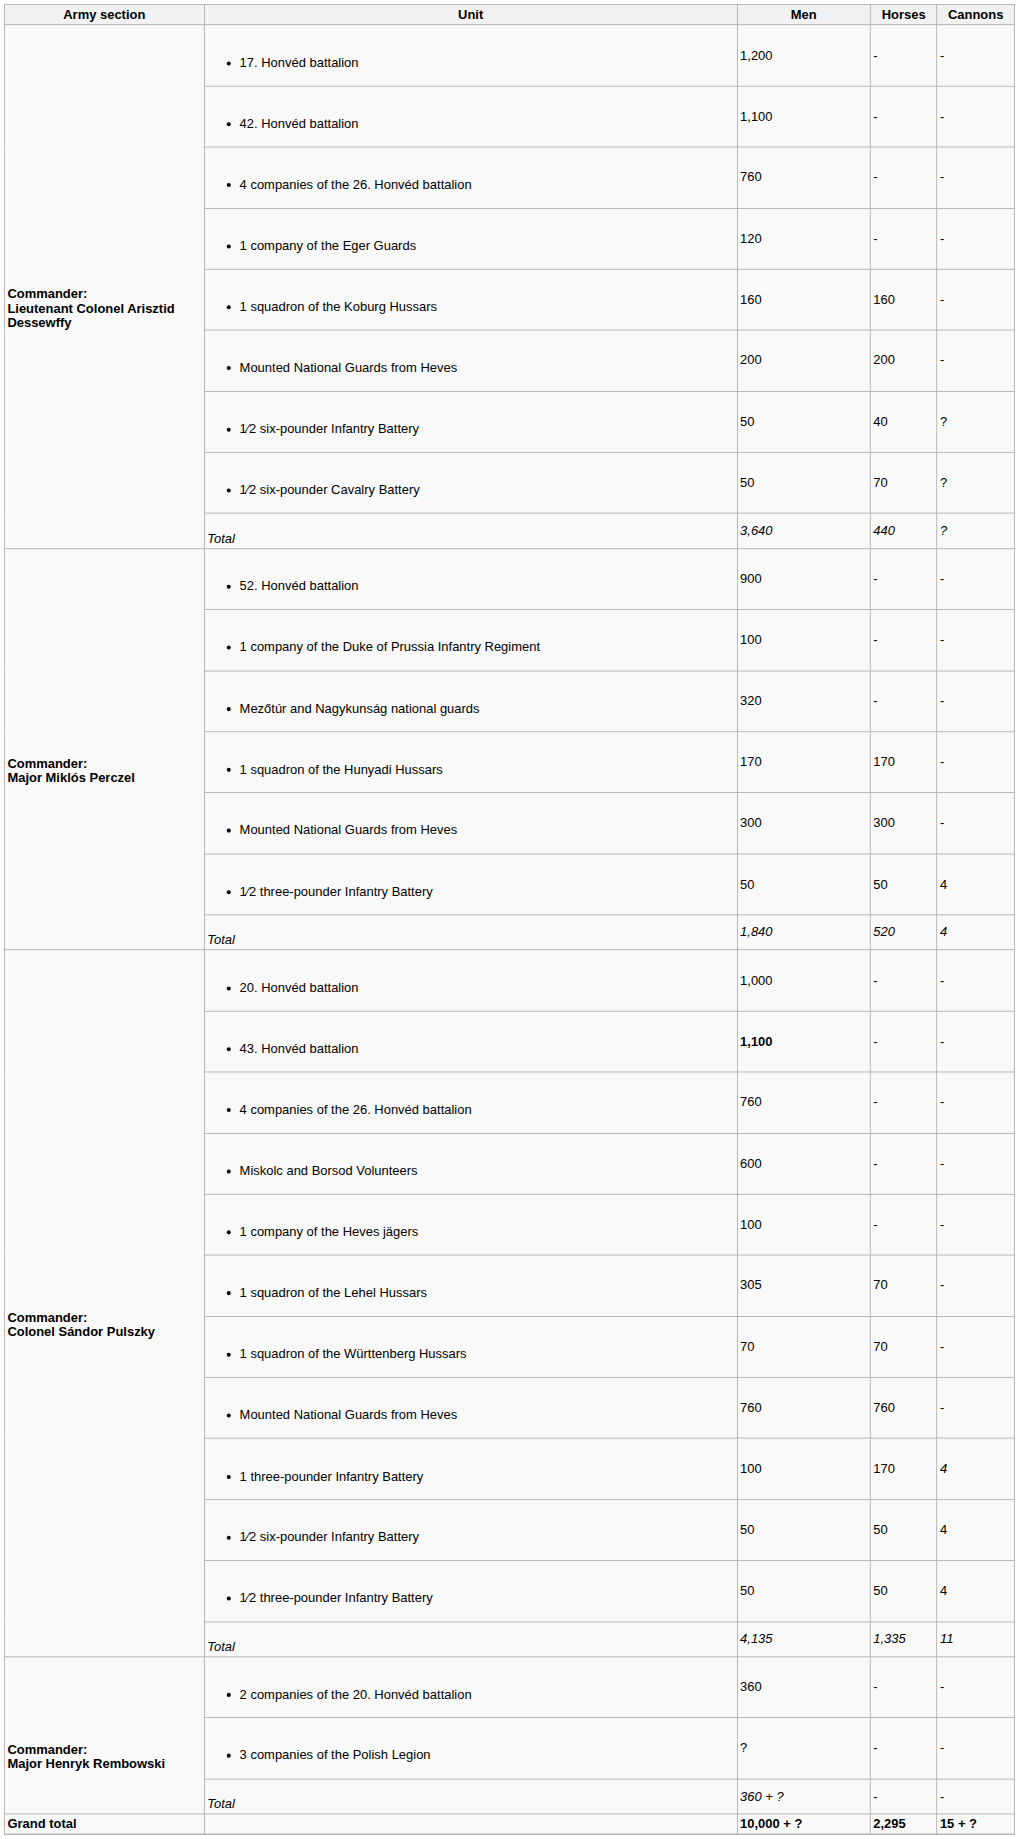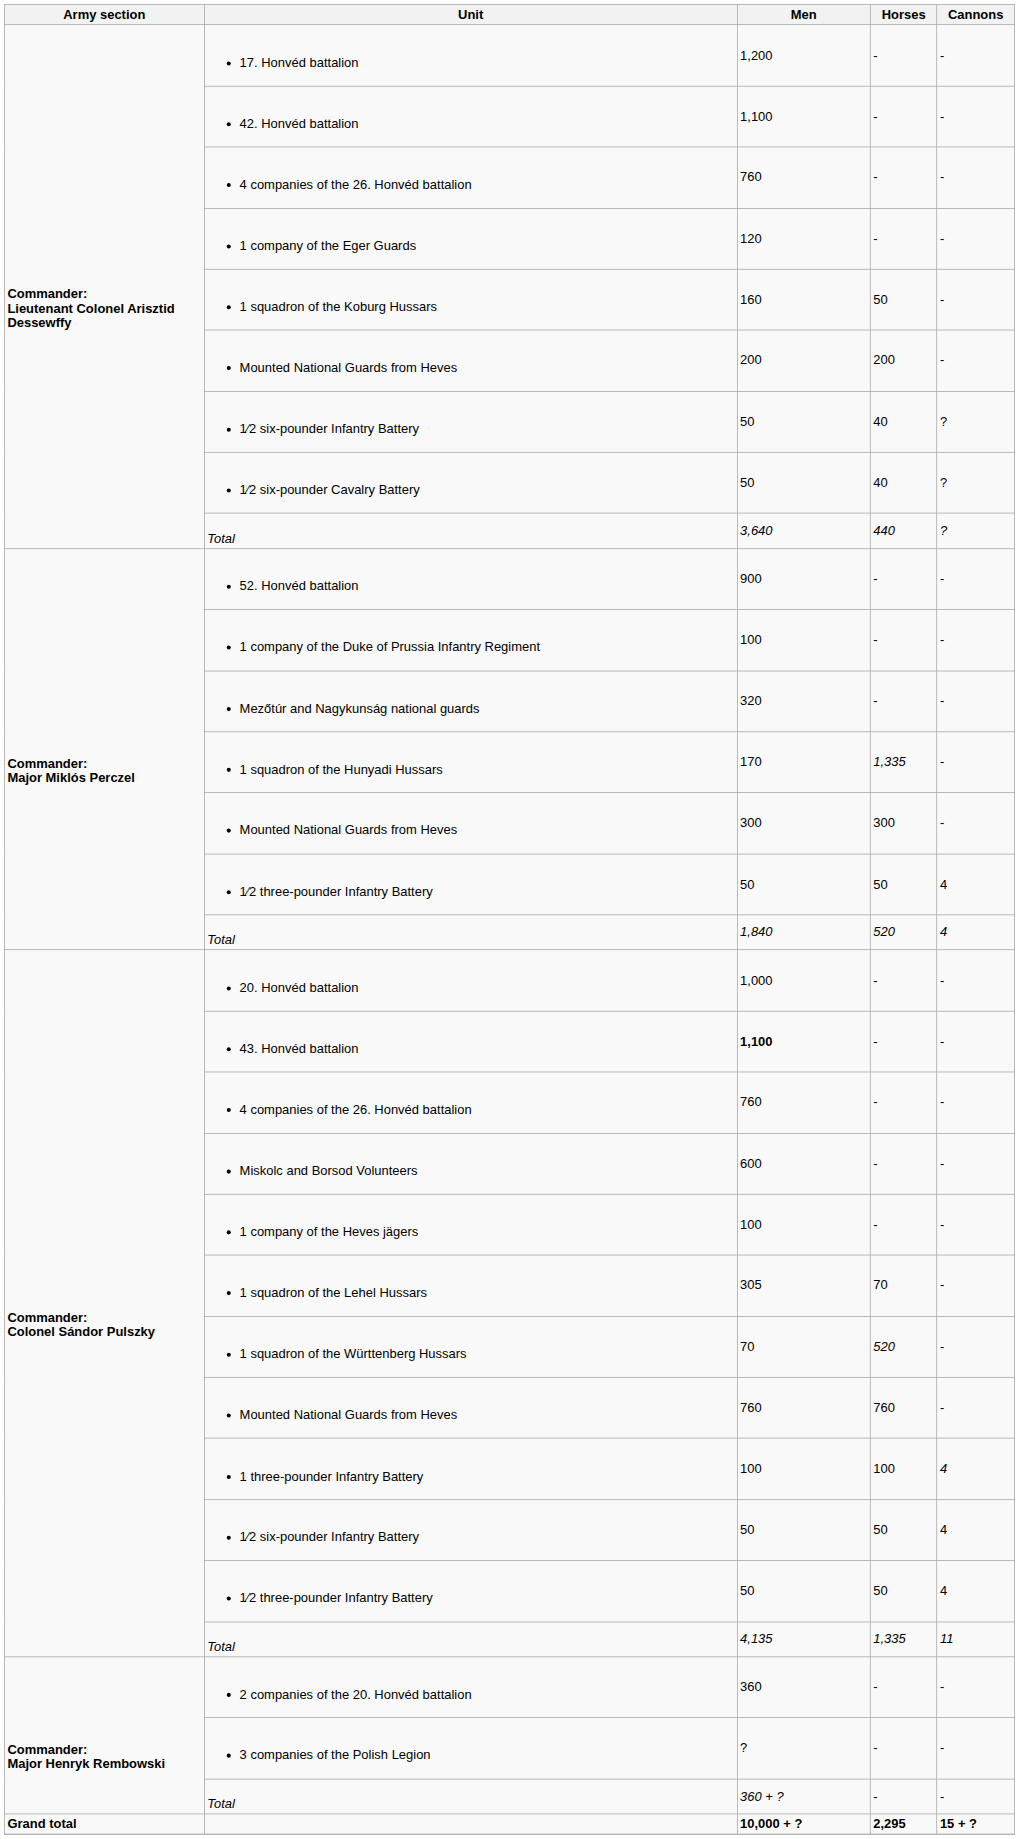 <table class="wikitable">
 <tr>
 <th width=15%>Army section</th>
 <th width=40%>Unit</th>
 <th width=10%>Men</th>
 <th width=5%>Horses</th>
 <th width=5%>Cannons</th>
 </tr>
 <tr>
 <td rowspan="9"><br> <br> <br><strong>Commander:<br> Lieutenant Colonel Arisztid Dessewffy</strong></td>
 <td><br><ul><li>17. Honvéd battalion</li></ul></td>
 <td>1,200</td>
 <td>-</td>
 <td>-</td>
 </tr>
 <tr>
 <td><br><ul><li>42. Honvéd battalion</li></ul></td>
 <td>1,100</td>
 <td>-</td>
 <td>-</td>
 </tr>
 <tr>
 <td><br><ul><li>4 companies of the 26. Honvéd battalion</li></ul></td>
 <td>760</td>
 <td>-</td>
 <td>-</td>
 </tr>
 <tr>
 <td><br><ul><li>1 company of the Eger Guards</li></ul></td>
 <td>120</td>
 <td>-</td>
 <td>-</td>
 </tr>
 <tr>
 <td><br><ul><li>1 squadron of the Koburg Hussars</li></ul></td>
 <td>160</td>
-<td>160</td>
+<td>50</td>
 <td>-</td>
 </tr>
 <tr>
 <td><br><ul><li>Mounted National Guards from Heves</li></ul></td>
 <td>200</td>
 <td>200</td>
 <td>-</td>
 </tr>
 <tr>
 <td><br><ul><li>1⁄2 six-pounder Infantry Battery</li></ul></td>
 <td>50</td>
 <td>40</td>
 <td>?</td>
 </tr>
 <tr>
 <td><br><ul><li>1⁄2 six-pounder Cavalry Battery</li></ul></td>
 <td>50</td>
-<td>70</td>
+<td>40</td>
 <td>?</td>
 </tr>
 <tr>
 <td><br><em>Total</em></td>
 <td><em>3,640</em></td>
 <td><em>440</em></td>
 <td><em>?</em></td>
 </tr>
 <tr>
 <td rowspan="7"><br> <br> <br><strong>Commander:<br> Major Miklós Perczel</strong></td>
 <td><br><ul><li>52. Honvéd battalion</li></ul></td>
 <td>900</td>
 <td>-</td>
 <td>-</td>
 </tr>
 <tr>
 <td><br><ul><li>1 company of the Duke of Prussia Infantry Regiment</li></ul></td>
 <td>100</td>
 <td>-</td>
 <td>-</td>
 </tr>
 <tr>
 <td><br><ul><li>Mezőtúr and Nagykunság national guards</li></ul></td>
 <td>320</td>
 <td>-</td>
 <td>-</td>
 </tr>
 <tr>
 <td><br><ul><li>1 squadron of the Hunyadi Hussars</li></ul></td>
 <td>170</td>
-<td>170</td>
+<td><em>1,335</em></td>
 <td>-</td>
 </tr>
 <tr>
 <td><br><ul><li>Mounted National Guards from Heves</li></ul></td>
 <td>300</td>
 <td>300</td>
 <td>-</td>
 </tr>
 <tr>
 <td><br><ul><li>1⁄2 three-pounder Infantry Battery</li></ul></td>
 <td>50</td>
 <td>50</td>
 <td>4</td>
 </tr>
 <tr>
 <td><br><em>Total</em></td>
 <td><em>1,840</em></td>
 <td><em>520</em></td>
 <td><em>4</em></td>
 </tr>
 <tr>
 <td rowspan="12"><br> <br> <br><strong>Commander:<br> Colonel Sándor Pulszky</strong></td>
 <td><br><ul><li>20. Honvéd battalion</li></ul></td>
 <td>1,000</td>
 <td>-</td>
 <td>-</td>
 </tr>
 <tr>
 <td><br><ul><li>43. Honvéd battalion</li></ul></td>
 <td><strong>1,100</strong></td>
 <td>-</td>
 <td>-</td>
 </tr>
 <tr>
 <td><br><ul><li>4 companies of the 26. Honvéd battalion</li></ul></td>
 <td>760</td>
 <td>-</td>
 <td>-</td>
 </tr>
 <tr>
 <td><br><ul><li>Miskolc and Borsod Volunteers</li></ul></td>
 <td>600</td>
 <td>-</td>
 <td>-</td>
 </tr>
 <tr>
 <td><br><ul><li>1 company of the Heves jägers</li></ul></td>
 <td>100</td>
 <td>-</td>
 <td>-</td>
 </tr>
 <tr>
 <td><br><ul><li>1 squadron of the Lehel Hussars</li></ul></td>
 <td>305</td>
 <td>70</td>
 <td>-</td>
 </tr>
 <tr>
 <td><br><ul><li>1 squadron of the Württenberg Hussars</li></ul></td>
 <td>70</td>
-<td>70</td>
+<td><em>520</em></td>
 <td>-</td>
 </tr>
 <tr>
 <td><br><ul><li>Mounted National Guards from Heves</li></ul></td>
 <td>760</td>
 <td>760</td>
 <td>-</td>
 </tr>
 <tr>
 <td><br><ul><li>1 three-pounder Infantry Battery</li></ul></td>
 <td>100</td>
-<td>170</td>
+<td>100</td>
 <td><em>4</em></td>
 </tr>
 <tr>
 <td><br><ul><li>1⁄2 six-pounder Infantry Battery</li></ul></td>
 <td>50</td>
 <td>50</td>
 <td>4</td>
 </tr>
 <tr>
 <td><br><ul><li>1⁄2 three-pounder Infantry Battery</li></ul></td>
 <td>50</td>
 <td>50</td>
 <td>4</td>
 </tr>
 <tr>
 <td><br><em>Total</em></td>
 <td><em>4,135</em></td>
 <td><em>1,335</em></td>
 <td><em>11</em></td>
 </tr>
 <tr>
 <td rowspan="3"><br> <br> <br><strong>Commander:<br> Major Henryk Rembowski</strong></td>
 <td><br><ul><li>2 companies of the 20. Honvéd battalion</li></ul></td>
 <td>360</td>
 <td>-</td>
 <td>-</td>
 </tr>
 <tr>
 <td><br><ul><li>3 companies of the Polish Legion</li></ul></td>
 <td>?</td>
 <td>-</td>
 <td>-</td>
 </tr>
 <tr>
 <td><br><em>Total</em></td>
 <td><em>360 + ?</em></td>
 <td>-</td>
 <td>-</td>
 </tr>
 <tr>
 <td><strong>Grand total</strong></td>
 <td></td>
 <td><strong>10,000 + ?</strong></td>
 <td><strong>2,295</strong></td>
 <td><strong>15 + ?</strong></td>
 </tr>
 <tr>
 </tr>
 </table>
